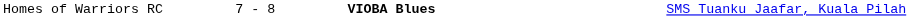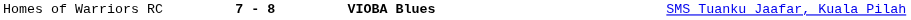 <table width=100% cellspacing=1>
 <tr>
 <th width=25%></th>
 <th width=10%></th>
 <th></th>
 </tr>
 <tr>
 </tr>
 <tr style=font-size:90%>
 <td align=right>Homes of Warriors RC </td>
-<td align=center>7 - 8</td>
+<td align=center><strong>7 - 8</strong></td>
 <td> <strong>VIOBA Blues</strong></td>
 <td><a href='#'>SMS Tuanku Jaafar, Kuala Pilah</a></td>
 </tr>
 </table>
